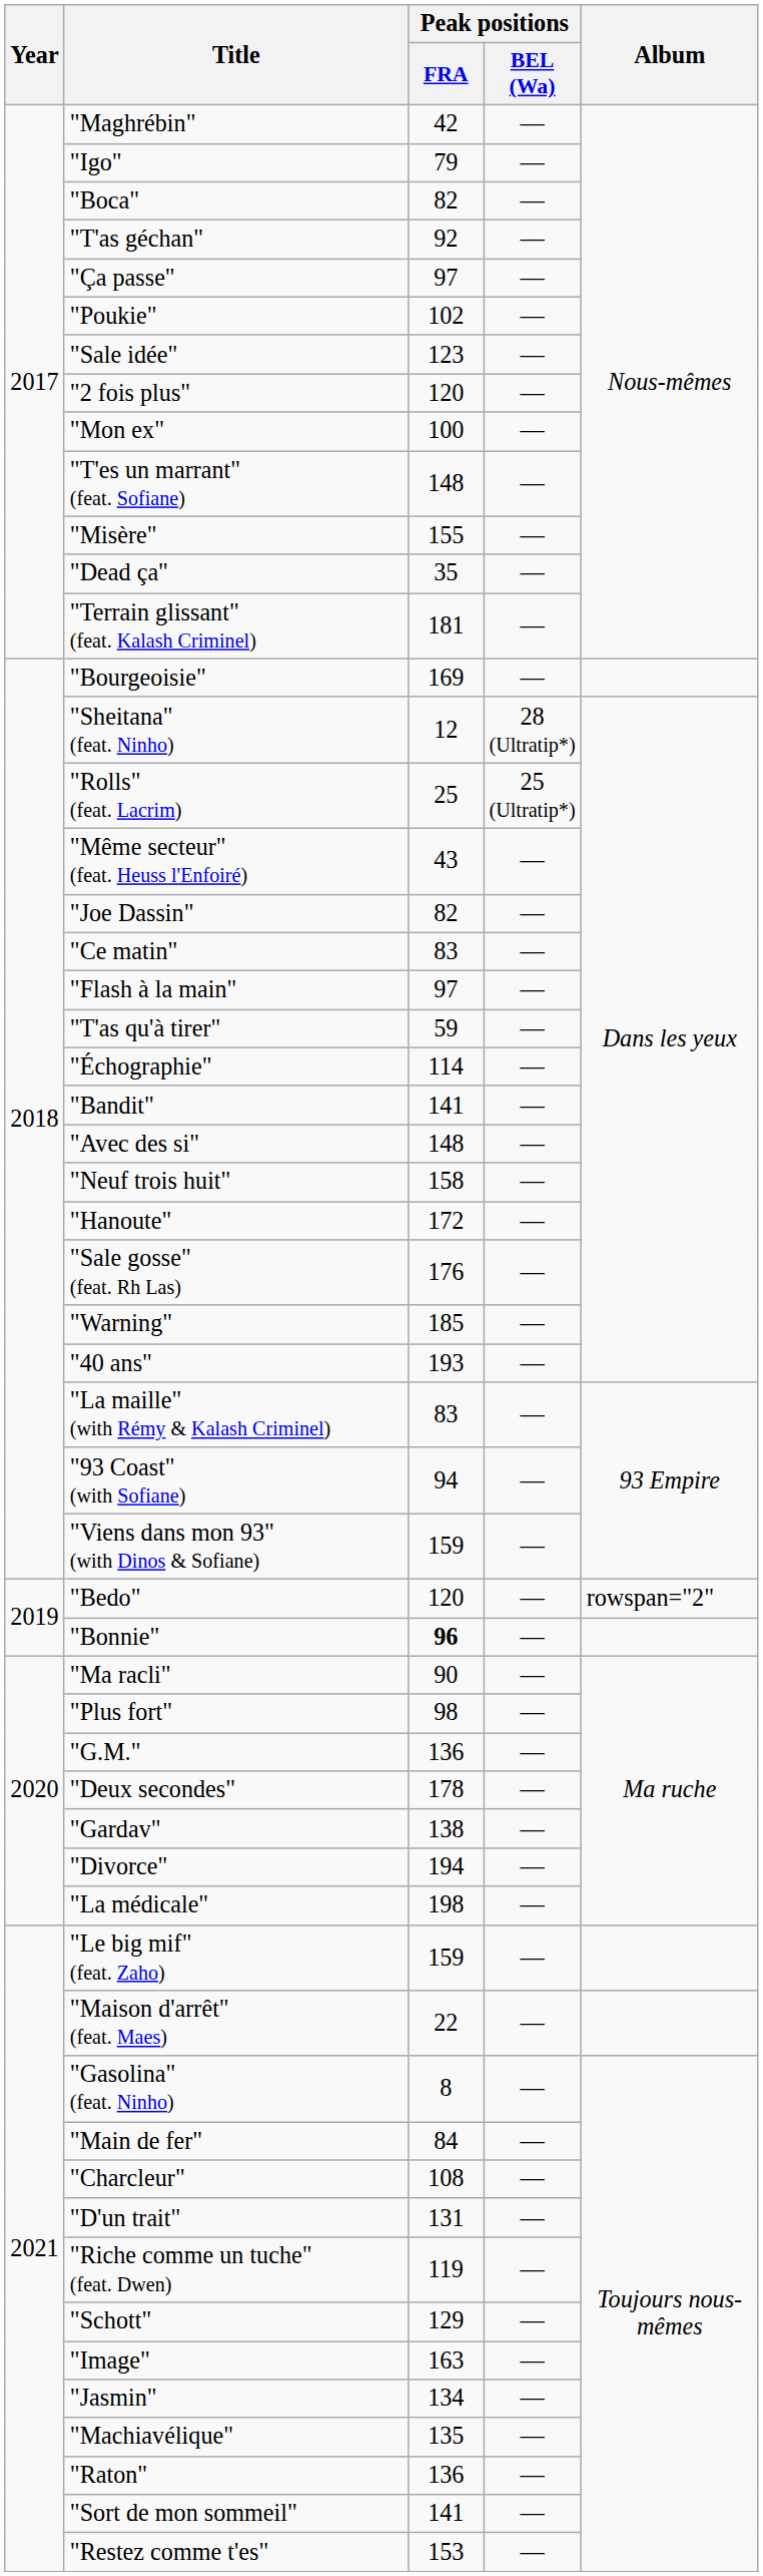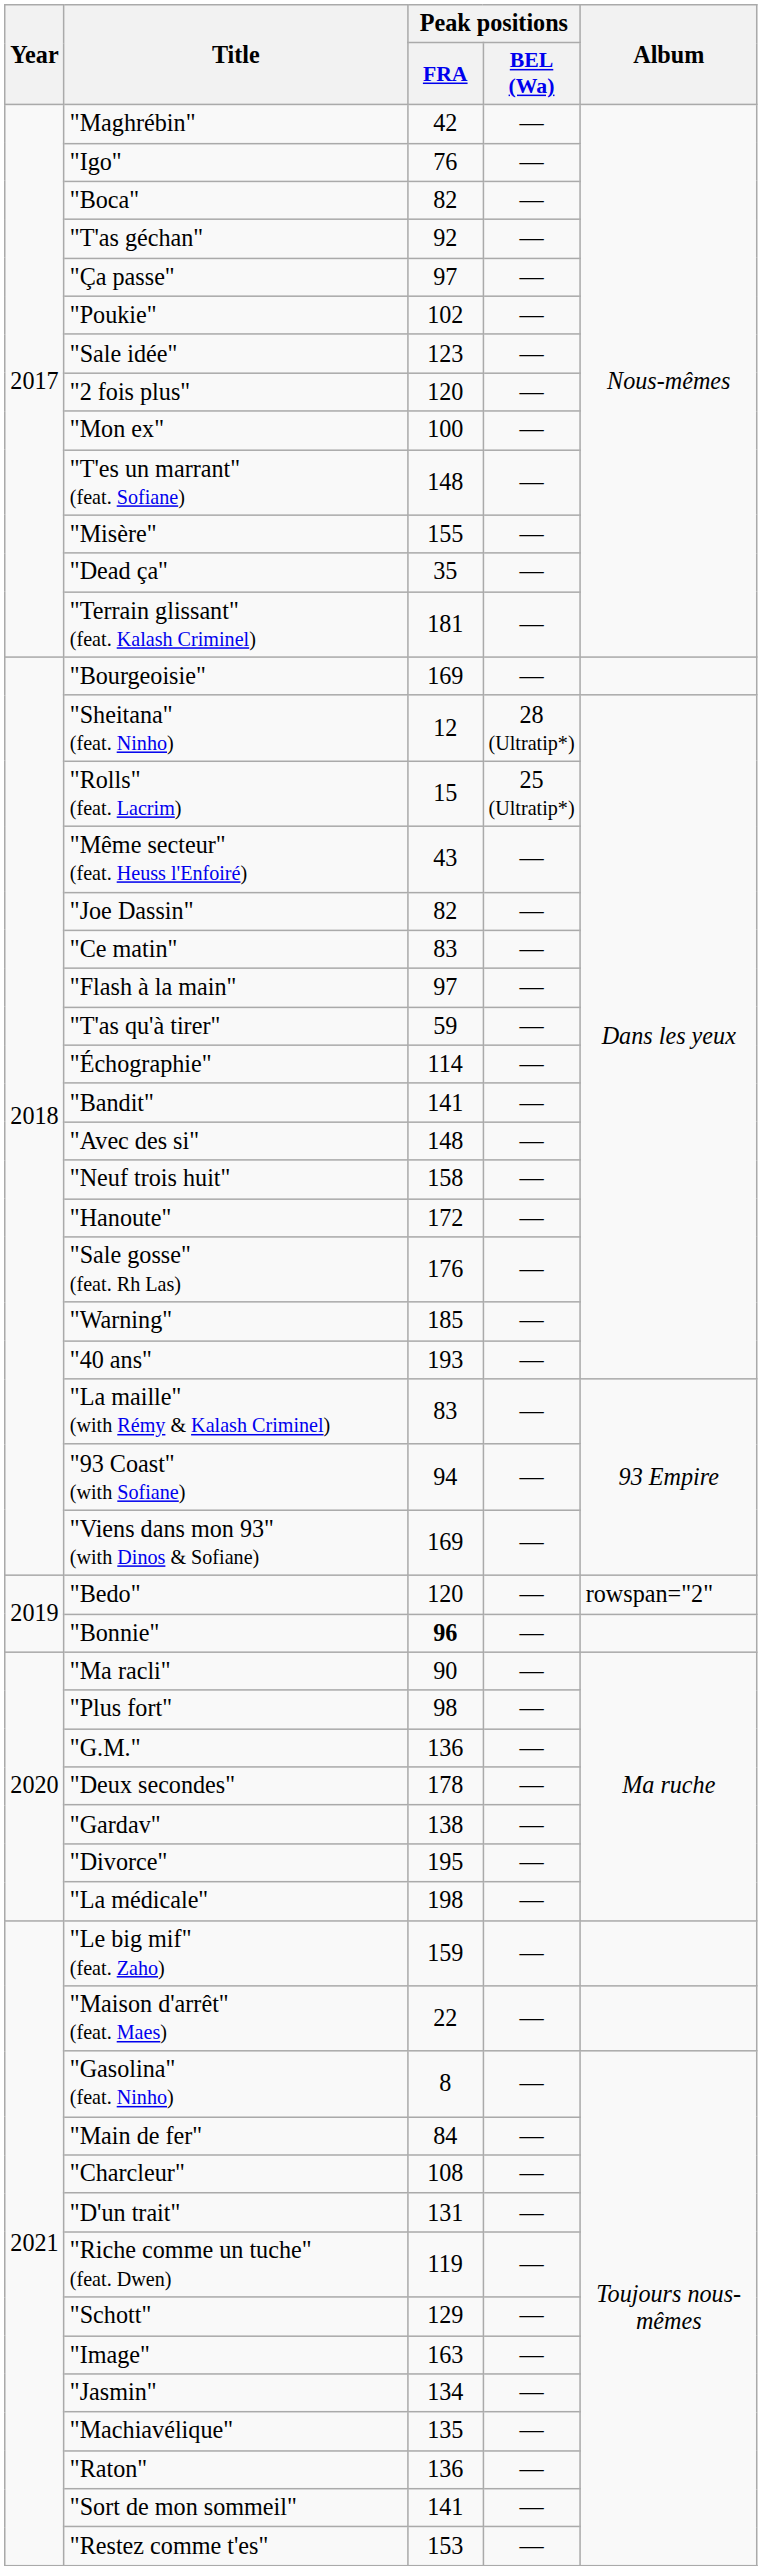 <table class="wikitable">
 <tr>
 <th rowspan="2" style="text-align:center; width:10px;">Year</th>
 <th rowspan="2" style="text-align:center; width:220px;">Title</th>
 <th style="text-align:center; width:20px;" colspan=2>Peak positions</th>
 <th rowspan="2" style="text-align:center; width:110px;">Album</th>
 </tr>
 <tr>
 <th scope="col" style="width:3em;font-size:90%;"><a href='#'>FRA</a><br></th>
 <th scope="col" style="width:3em;font-size:90%;"><a href='#'>BEL<br>(Wa)</a><br></th>
 </tr>
 <tr>
 <td style="text-align:center;" rowspan=13>2017</td>
 <td>"Maghrébin"</td>
 <td style="text-align:center;">42</td>
 <td style="text-align:center;">—</td>
 <td style="text-align:center;" rowspan=13><em>Nous-mêmes</em></td>
 </tr>
 <tr>
 <td>"Igo"</td>
-<td style="text-align:center;">79</td>
+<td style="text-align:center;">76</td>
 <td style="text-align:center;">—</td>
 </tr>
 <tr>
 <td>"Boca"</td>
 <td style="text-align:center;">82</td>
 <td style="text-align:center;">—</td>
 </tr>
 <tr>
 <td>"T'as géchan"</td>
 <td style="text-align:center;">92</td>
 <td style="text-align:center;">—</td>
 </tr>
 <tr>
 <td>"Ça passe"</td>
 <td style="text-align:center;">97</td>
 <td style="text-align:center;">—</td>
 </tr>
 <tr>
 <td>"Poukie"</td>
 <td style="text-align:center;">102</td>
 <td style="text-align:center;">—</td>
 </tr>
 <tr>
 <td>"Sale idée"</td>
 <td style="text-align:center;">123</td>
 <td style="text-align:center;">—</td>
 </tr>
 <tr>
 <td>"2 fois plus"</td>
 <td style="text-align:center;">120</td>
 <td style="text-align:center;">—</td>
 </tr>
 <tr>
 <td>"Mon ex"</td>
 <td style="text-align:center;">100</td>
 <td style="text-align:center;">—</td>
 </tr>
 <tr>
 <td>"T'es un marrant" <br><small>(feat. <a href='#'>Sofiane</a>)</small></td>
 <td style="text-align:center;">148</td>
 <td style="text-align:center;">—</td>
 </tr>
 <tr>
 <td>"Misère"</td>
 <td style="text-align:center;">155</td>
 <td style="text-align:center;">—</td>
 </tr>
 <tr>
 <td>"Dead ça"</td>
 <td style="text-align:center;">35</td>
 <td style="text-align:center;">—</td>
 </tr>
 <tr>
 <td>"Terrain glissant" <br><small>(feat. <a href='#'>Kalash Criminel</a>)</small></td>
 <td style="text-align:center;">181</td>
 <td style="text-align:center;">—</td>
 </tr>
 <tr>
 <td style="text-align:center;" rowspan=19>2018</td>
 <td>"Bourgeoisie"</td>
 <td style="text-align:center;">169</td>
 <td style="text-align:center;">—</td>
 <td style="text-align:center;"></td>
 </tr>
 <tr>
 <td>"Sheitana"<br><small>(feat. <a href='#'>Ninho</a>)</small></td>
 <td style="text-align:center;">12</td>
 <td style="text-align:center;">28<br><small>(Ultratip*)</small></td>
 <td style="text-align:center;" rowspan=15><em>Dans les yeux</em></td>
 </tr>
 <tr>
 <td>"Rolls"<br><small>(feat. <a href='#'>Lacrim</a>)</small></td>
-<td style="text-align:center;">25</td>
+<td style="text-align:center;">15</td>
 <td style="text-align:center;">25<br><small>(Ultratip*)</small></td>
 </tr>
 <tr>
 <td>"Même secteur"<br><small>(feat. <a href='#'>Heuss l'Enfoiré</a>)</small></td>
 <td style="text-align:center;">43</td>
 <td style="text-align:center;">—</td>
 </tr>
 <tr>
 <td>"Joe Dassin"</td>
 <td style="text-align:center;">82</td>
 <td style="text-align:center;">—</td>
 </tr>
 <tr>
 <td>"Ce matin"</td>
 <td style="text-align:center;">83</td>
 <td style="text-align:center;">—</td>
 </tr>
 <tr>
 <td>"Flash à la main"</td>
 <td style="text-align:center;">97</td>
 <td style="text-align:center;">—</td>
 </tr>
 <tr>
 <td>"T'as qu'à tirer"</td>
 <td style="text-align:center;">59</td>
 <td style="text-align:center;">—</td>
 </tr>
 <tr>
 <td>"Échographie"</td>
 <td style="text-align:center;">114</td>
 <td style="text-align:center;">—</td>
 </tr>
 <tr>
 <td>"Bandit"</td>
 <td style="text-align:center;">141</td>
 <td style="text-align:center;">—</td>
 </tr>
 <tr>
 <td>"Avec des si"</td>
 <td style="text-align:center;">148</td>
 <td style="text-align:center;">—</td>
 </tr>
 <tr>
 <td>"Neuf trois huit"</td>
 <td style="text-align:center;">158</td>
 <td style="text-align:center;">—</td>
 </tr>
 <tr>
 <td>"Hanoute"</td>
 <td style="text-align:center;">172</td>
 <td style="text-align:center;">—</td>
 </tr>
 <tr>
 <td>"Sale gosse" <br><small>(feat. Rh Las)</small></td>
 <td style="text-align:center;">176</td>
 <td style="text-align:center;">—</td>
 </tr>
 <tr>
 <td>"Warning"</td>
 <td style="text-align:center;">185</td>
 <td style="text-align:center;">—</td>
 </tr>
 <tr>
 <td>"40 ans"</td>
 <td style="text-align:center;">193</td>
 <td style="text-align:center;">—</td>
 </tr>
 <tr>
 <td>"La maille" <br><small>(with <a href='#'>Rémy</a> & <a href='#'>Kalash Criminel</a>)</small></td>
 <td style="text-align:center;">83</td>
 <td style="text-align:center;">—</td>
 <td style="text-align:center;" rowspan=3><em>93 Empire</em></td>
 </tr>
 <tr>
 <td>"93 Coast" <br><small>(with <a href='#'>Sofiane</a>)</small></td>
 <td style="text-align:center;">94</td>
 <td style="text-align:center;">—</td>
 </tr>
 <tr>
 <td>"Viens dans mon 93" <br><small>(with <a href='#'>Dinos</a> & Sofiane)</small></td>
-<td style="text-align:center;">159</td>
+<td style="text-align:center;">169</td>
 <td style="text-align:center;">—</td>
 </tr>
 <tr>
 <td style="text-align:center;" rowspan="2">2019</td>
 <td>"Bedo"</td>
 <td style="text-align:center;">120</td>
 <td style="text-align:center;">—</td>
 <td>rowspan="2" </td>
 </tr>
 <tr>
 <td>"Bonnie"</td>
 <td style="text-align:center;"><strong>96</strong></td>
 <td style="text-align:center;">—</td>
 </tr>
 <tr>
 <td style="text-align:center;" rowspan="7">2020</td>
 <td>"Ma racli"</td>
 <td style="text-align:center;">90</td>
 <td style="text-align:center;">—</td>
 <td style="text-align:center;" rowspan="7"><em>Ma ruche</em></td>
 </tr>
 <tr>
 <td>"Plus fort"</td>
 <td style="text-align:center;">98</td>
 <td style="text-align:center;">—</td>
 </tr>
 <tr>
 <td>"G.M."</td>
 <td style="text-align:center;">136</td>
 <td style="text-align:center;">—</td>
 </tr>
 <tr>
 <td>"Deux secondes"</td>
 <td style="text-align:center;">178</td>
 <td style="text-align:center;">—</td>
 </tr>
 <tr>
 <td>"Gardav"</td>
 <td style="text-align:center;">138</td>
 <td style="text-align:center;">—</td>
 </tr>
 <tr>
 <td>"Divorce"</td>
-<td style="text-align:center;">194</td>
+<td style="text-align:center;">195</td>
 <td style="text-align:center;">—</td>
 </tr>
 <tr>
 <td>"La médicale"</td>
 <td style="text-align:center;">198</td>
 <td style="text-align:center;">—</td>
 </tr>
 <tr>
 <td style="text-align:center;" rowspan=14>2021</td>
 <td>"Le big mif"<br><small>(feat. <a href='#'>Zaho</a>)</small></td>
 <td style="text-align:center;">159</td>
 <td style="text-align:center;">—</td>
 <td></td>
 </tr>
 <tr>
 <td>"Maison d'arrêt"<br><small>(feat. <a href='#'>Maes</a>)</small></td>
 <td style="text-align:center;">22</td>
 <td style="text-align:center;">—</td>
 <td></td>
 </tr>
 <tr>
 <td>"Gasolina"<br><small>(feat. <a href='#'>Ninho</a>)</small></td>
 <td style="text-align:center;">8</td>
 <td style="text-align:center;">—</td>
 <td style="text-align:center;" rowspan=12><em>Toujours nous-mêmes</em></td>
 </tr>
 <tr>
 <td>"Main de fer"</td>
 <td style="text-align:center;">84</td>
 <td style="text-align:center;">—</td>
 </tr>
 <tr>
 <td>"Charcleur"</td>
 <td style="text-align:center;">108</td>
 <td style="text-align:center;">—</td>
 </tr>
 <tr>
 <td>"D'un trait"</td>
 <td style="text-align:center;">131</td>
 <td style="text-align:center;">—</td>
 </tr>
 <tr>
 <td>"Riche comme un tuche"<br><small>(feat. Dwen)</small></td>
 <td style="text-align:center;">119</td>
 <td style="text-align:center;">—</td>
 </tr>
 <tr>
 <td>"Schott"</td>
 <td style="text-align:center;">129</td>
 <td style="text-align:center;">—</td>
 </tr>
 <tr>
 <td>"Image"</td>
 <td style="text-align:center;">163</td>
 <td style="text-align:center;">—</td>
 </tr>
 <tr>
 <td>"Jasmin"</td>
 <td style="text-align:center;">134</td>
 <td style="text-align:center;">—</td>
 </tr>
 <tr>
 <td>"Machiavélique"</td>
 <td style="text-align:center;">135</td>
 <td style="text-align:center;">—</td>
 </tr>
 <tr>
 <td>"Raton"</td>
 <td style="text-align:center;">136</td>
 <td style="text-align:center;">—</td>
 </tr>
 <tr>
 <td>"Sort de mon sommeil"</td>
 <td style="text-align:center;">141</td>
 <td style="text-align:center;">—</td>
 </tr>
 <tr>
 <td>"Restez comme t'es"</td>
 <td style="text-align:center;">153</td>
 <td style="text-align:center;">—</td>
 </tr>
 <tr>
 </tr>
 </table>
